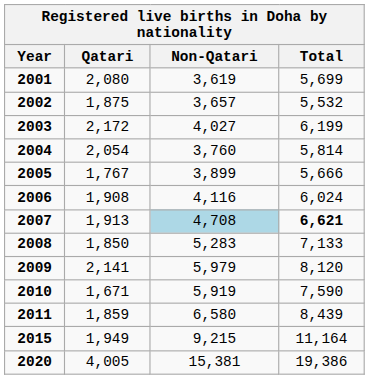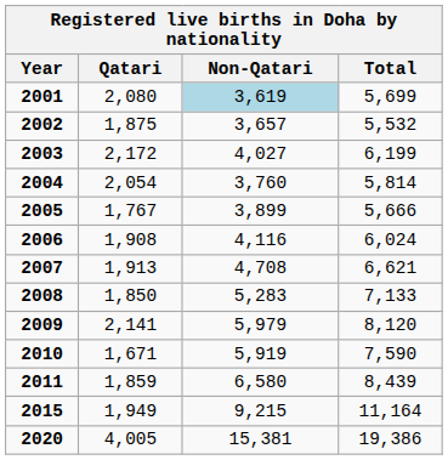 <table class="wikitable floatright" style="text-align: center; width: 25em">
 <tr>
 <th colspan="4">Registered live births in Doha by nationality</th>
 </tr>
 <tr>
 <th>Year</th>
 <th>Qatari</th>
 <th>Non-Qatari</th>
 <th>Total</th>
 </tr>
 <tr>
 <td><strong>2001</strong></td>
 <td>2,080</td>
-<td>3,619</td>
+<td style="background: lightblue;">3,619</td>
 <td>5,699</td>
 </tr>
 <tr>
 <td><strong>2002</strong></td>
 <td>1,875</td>
 <td>3,657</td>
 <td>5,532</td>
 </tr>
 <tr>
 <td><strong>2003</strong></td>
 <td>2,172</td>
 <td>4,027</td>
 <td>6,199</td>
 </tr>
 <tr>
 <td><strong>2004</strong></td>
 <td>2,054</td>
 <td>3,760</td>
 <td>5,814</td>
 </tr>
 <tr>
 <td><strong>2005</strong></td>
 <td>1,767</td>
 <td>3,899</td>
 <td>5,666</td>
 </tr>
 <tr>
 <td><strong>2006</strong></td>
 <td>1,908</td>
 <td>4,116</td>
 <td>6,024</td>
 </tr>
 <tr>
 <td><strong>2007</strong></td>
 <td>1,913</td>
-<td style="background: lightblue;">4,708</td>
-<td><strong>6,621</strong></td>
+<td>4,708</td>
+<td>6,621</td>
 </tr>
 <tr>
 <td><strong>2008</strong></td>
 <td>1,850</td>
 <td>5,283</td>
 <td>7,133</td>
 </tr>
 <tr>
 <td><strong>2009</strong></td>
 <td>2,141</td>
 <td>5,979</td>
 <td>8,120</td>
 </tr>
 <tr>
 <td><strong>2010</strong></td>
 <td>1,671</td>
 <td>5,919</td>
 <td>7,590</td>
 </tr>
 <tr>
 <td><strong>2011</strong></td>
 <td>1,859</td>
 <td>6,580</td>
 <td>8,439</td>
 </tr>
 <tr>
 <td><strong>2015</strong></td>
 <td>1,949</td>
 <td>9,215</td>
 <td>11,164</td>
 </tr>
 <tr>
 <td><strong>2020</strong></td>
 <td>4,005</td>
 <td>15,381</td>
 <td>19,386</td>
 </tr>
 </table>
